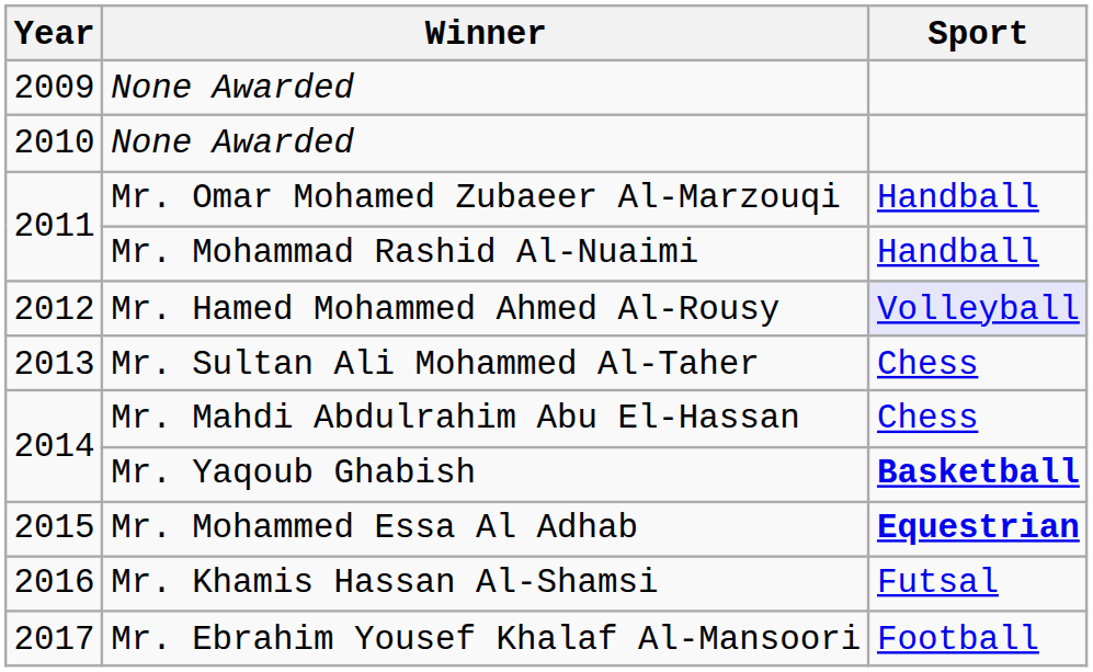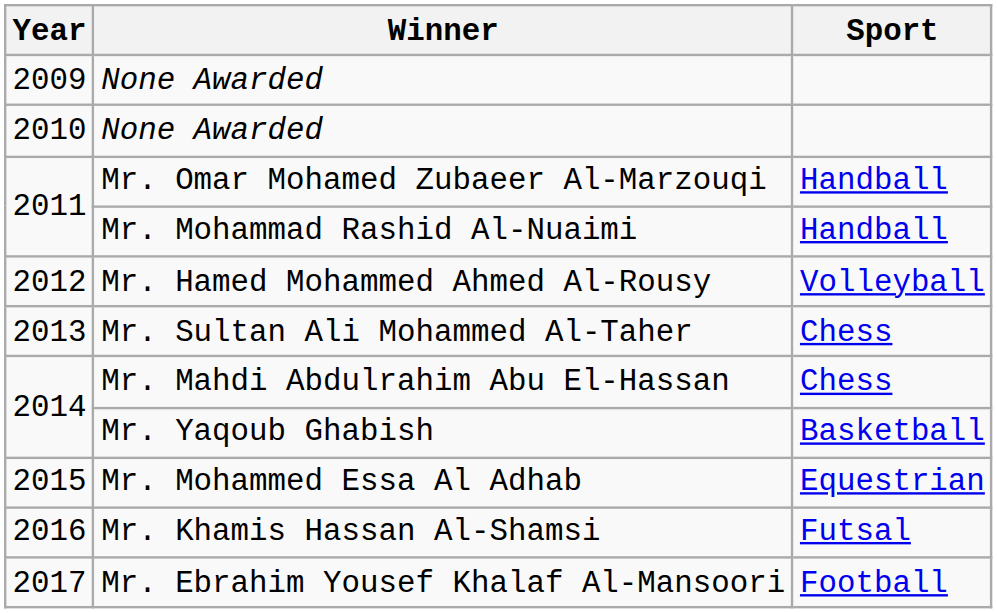 <table class="wikitable">
 <tr>
 <th>Year</th>
 <th>Winner</th>
 <th>Sport</th>
 </tr>
 <tr>
 <td>2009</td>
 <td><em>None Awarded</em></td>
 <td></td>
 </tr>
 <tr>
 <td>2010</td>
 <td><em>None Awarded</em></td>
 <td></td>
 </tr>
 <tr>
 <td rowspan=2>2011</td>
 <td>Mr. Omar Mohamed Zubaeer Al-Marzouqi</td>
 <td><a href='#'>Handball</a></td>
 </tr>
 <tr>
 <td>Mr. Mohammad Rashid Al-Nuaimi</td>
 <td><a href='#'>Handball</a></td>
 </tr>
 <tr>
 <td>2012</td>
 <td>Mr. Hamed Mohammed Ahmed Al-Rousy</td>
-<td style="background: lavender;"><a href='#'>Volleyball</a></td>
+<td><a href='#'>Volleyball</a></td>
 </tr>
 <tr>
 <td>2013</td>
 <td>Mr. Sultan Ali Mohammed Al-Taher</td>
 <td><a href='#'>Chess</a></td>
 </tr>
 <tr>
 <td rowspan=2>2014</td>
 <td>Mr. Mahdi Abdulrahim Abu El-Hassan</td>
 <td><a href='#'>Chess</a></td>
 </tr>
 <tr>
 <td>Mr. Yaqoub Ghabish</td>
-<td><strong><a href='#'>Basketball</a></strong></td>
+<td><a href='#'>Basketball</a></td>
 </tr>
 <tr>
 <td>2015</td>
 <td>Mr. Mohammed Essa Al Adhab</td>
-<td><strong><a href='#'>Equestrian</a></strong></td>
+<td><a href='#'>Equestrian</a></td>
 </tr>
 <tr>
 <td>2016</td>
 <td>Mr. Khamis Hassan Al-Shamsi</td>
 <td><a href='#'>Futsal</a></td>
 </tr>
 <tr>
 <td>2017</td>
 <td>Mr. Ebrahim Yousef Khalaf Al-Mansoori</td>
 <td><a href='#'>Football</a></td>
 </tr>
 </table>
